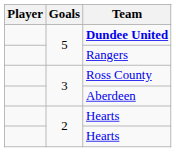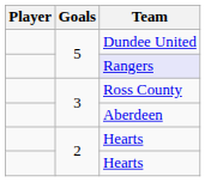 <table class="wikitable">
 <tr>
 <th>Player</th>
 <th>Goals</th>
 <th>Team</th>
 </tr>
 <tr>
 <td></td>
 <td rowspan="2" style="text-align:center">5</td>
-<td><strong><a href='#'>Dundee United</a></strong></td>
+<td><a href='#'>Dundee United</a></td>
 </tr>
 <tr>
 <td></td>
-<td><a href='#'>Rangers</a></td>
+<td style="background: lavender;"><a href='#'>Rangers</a></td>
 </tr>
 <tr>
 <td></td>
 <td rowspan="2" style="text-align:center">3</td>
 <td><a href='#'>Ross County</a></td>
 </tr>
 <tr>
 <td></td>
 <td><a href='#'>Aberdeen</a></td>
 </tr>
 <tr>
 <td></td>
 <td rowspan="2" style="text-align:center">2</td>
 <td><a href='#'>Hearts</a></td>
 </tr>
 <tr>
 <td></td>
 <td><a href='#'>Hearts</a></td>
 </tr>
 </table>
